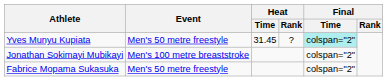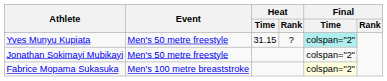 <table class=wikitable style="font-size:90%">
 <tr>
 <th rowspan=2>Athlete</th>
 <th rowspan=2>Event</th>
 <th colspan=2>Heat</th>
 <th colspan=2>Final</th>
 </tr>
 <tr style="font-size:95%">
 <th>Time</th>
 <th>Rank</th>
 <th>Time</th>
 <th>Rank</th>
 </tr>
 <tr align=center>
 <td align=left><a href='#'>Yves Munyu Kupiata</a></td>
 <td align=left><a href='#'>Men's 50 metre freestyle</a></td>
-<td>31.45</td>
+<td>31.15</td>
 <td>?</td>
 <td style="background: paleturquoise;">colspan="2" </td>
 </tr>
 <tr align=center>
 <td align=left><a href='#'>Jonathan Sokimayi Mubikayi</a></td>
-<td align=left><a href='#'>Men's 100 metre breaststroke</a></td>
+<td align=left><a href='#'>Men's 50 metre freestyle</a></td>
 <td colspan="2"></td>
 <td>colspan="2" </td>
 </tr>
 <tr align=center>
 <td align=left><a href='#'>Fabrice Mopama Sukasuka</a></td>
-<td align=left><a href='#'>Men's 50 metre freestyle</a></td>
+<td align=left><a href='#'>Men's 100 metre breaststroke</a></td>
 <td colspan="2"></td>
-<td>colspan="2" </td>
+<td style="background: lightyellow;">colspan="2" </td>
 </tr>
 </table>
